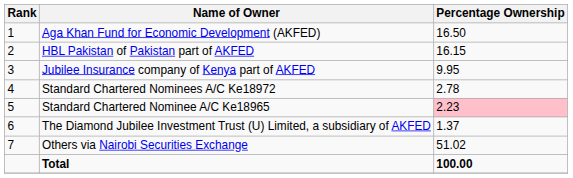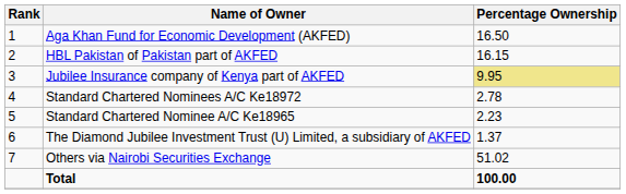 <table class="wikitable sortable" style="margin-left:auto;margin-right:auto">
 <tr>
 <th style="width:2em;">Rank</th>
 <th>Name of Owner</th>
 <th>Percentage Ownership</th>
 </tr>
 <tr>
 <td>1</td>
 <td><a href='#'>Aga Khan Fund for Economic Development</a> (AKFED)</td>
 <td>16.50</td>
 </tr>
 <tr>
 <td>2</td>
 <td><a href='#'>HBL Pakistan</a> of <a href='#'>Pakistan</a> part of <a href='#'>AKFED</a></td>
 <td>16.15</td>
 </tr>
 <tr>
 <td>3</td>
 <td><a href='#'>Jubilee Insurance</a> company of <a href='#'>Kenya</a> part of <a href='#'>AKFED</a></td>
-<td>9.95</td>
+<td style="background: khaki;">9.95</td>
 </tr>
 <tr>
 <td>4</td>
 <td>Standard Chartered Nominees A/C Ke18972</td>
 <td>2.78</td>
 </tr>
 <tr>
 <td>5</td>
 <td>Standard Chartered Nominee A/C Ke18965</td>
-<td style="background: pink;">2.23</td>
+<td>2.23</td>
 </tr>
 <tr>
 <td>6</td>
 <td>The Diamond Jubilee Investment Trust (U) Limited, a subsidiary of <a href='#'>AKFED</a></td>
 <td>1.37</td>
 </tr>
 <tr>
 <td>7</td>
 <td>Others via <a href='#'>Nairobi Securities Exchange</a></td>
 <td>51.02</td>
 </tr>
 <tr>
 <td></td>
 <td><strong>Total</strong></td>
 <td><strong>100.00</strong></td>
 </tr>
 <tr>
 </tr>
 </table>
